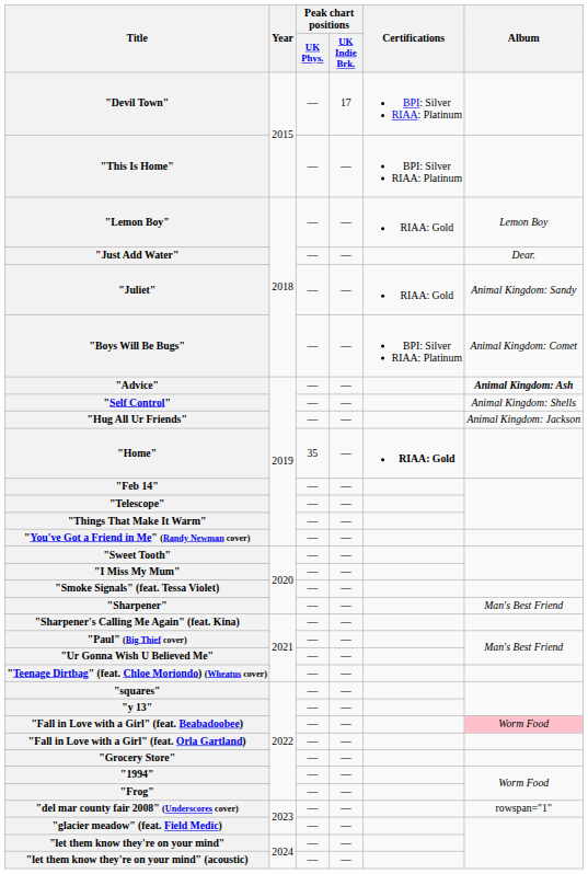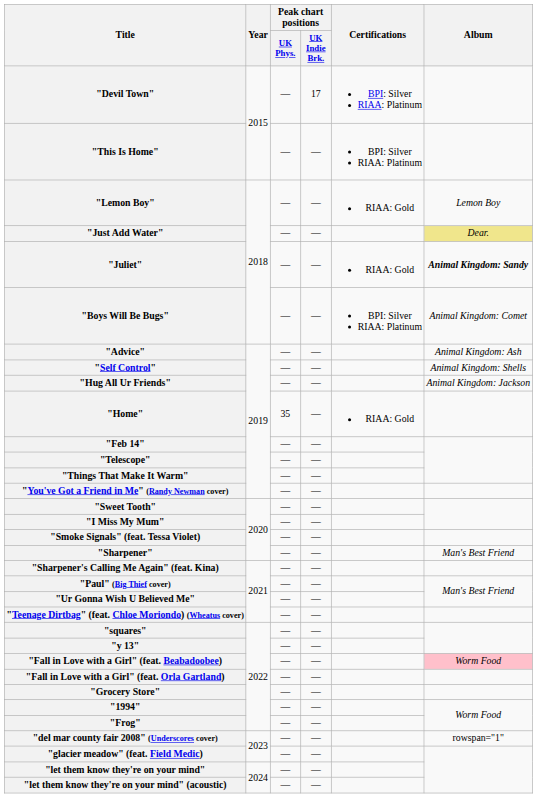 <table class="wikitable plainrowheaders" style="text-align:center;">
 <tr>
 <th scope="col" rowspan="2">Title</th>
 <th scope="col" rowspan="2">Year</th>
 <th scope="col" colspan="2">Peak chart positions</th>
 <th scope="col" rowspan="2">Certifications</th>
 <th scope="col" rowspan="2">Album</th>
 </tr>
 <tr>
 <th scope="col" style="width:3em;font-size:90%;"><a href='#'>UK<br>Phys.</a><br></th>
 <th scope="col" style="width:3em;font-size:90%;"><a href='#'>UK<br>Indie<br>Brk.</a><br></th>
 </tr>
 <tr>
 <th scope="row">"Devil Town"</th>
 <td rowspan="2">2015</td>
 <td>—</td>
 <td>17</td>
 <td><br><ul><li><a href='#'>BPI</a>: Silver</li><li><a href='#'>RIAA</a>: Platinum</li></ul></td>
 <td></td>
 </tr>
 <tr>
 <th scope="row">"This Is Home"</th>
 <td>—</td>
 <td>—</td>
 <td><br><ul><li>BPI: Silver</li><li>RIAA: Platinum</li></ul></td>
 <td></td>
 </tr>
 <tr>
 <th scope="row">"Lemon Boy"</th>
 <td rowspan="4">2018</td>
 <td>—</td>
 <td>—</td>
 <td><br><ul><li>RIAA: Gold</li></ul></td>
 <td><em>Lemon Boy</em></td>
 </tr>
 <tr>
 <th scope="row">"Just Add Water"</th>
 <td>—</td>
 <td>—</td>
 <td></td>
-<td><em>Dear.</em></td>
+<td style="background: khaki;"><em>Dear.</em></td>
 </tr>
 <tr>
 <th scope="row">"Juliet"</th>
 <td>—</td>
 <td>—</td>
 <td><br><ul><li>RIAA: Gold</li></ul></td>
-<td><em>Animal Kingdom: Sandy</em></td>
+<td><strong><em>Animal Kingdom: Sandy</em></strong></td>
 </tr>
 <tr>
 <th scope="row">"Boys Will Be Bugs"</th>
 <td>—</td>
 <td>—</td>
 <td><br><ul><li>BPI: Silver</li><li>RIAA: Platinum</li></ul></td>
 <td><em>Animal Kingdom: Comet</em></td>
 </tr>
 <tr>
 <th scope="row">"Advice"</th>
 <td rowspan="8">2019</td>
 <td>—</td>
 <td>—</td>
 <td></td>
-<td><strong><em>Animal Kingdom: Ash</em></strong></td>
+<td><em>Animal Kingdom: Ash</em></td>
 </tr>
 <tr>
 <th scope="row">"<a href='#'>Self Control</a>" </th>
 <td>—</td>
 <td>—</td>
 <td></td>
 <td><em>Animal Kingdom: Shells</em></td>
 </tr>
 <tr>
 <th scope="row">"Hug All Ur Friends"</th>
 <td>—</td>
 <td>—</td>
 <td></td>
 <td><em>Animal Kingdom: Jackson</em></td>
 </tr>
 <tr>
 <th scope="row">"Home"</th>
 <td>35</td>
 <td>—</td>
-<td><strong><br><ul><li>RIAA: Gold</li></ul></strong></td>
+<td><br><ul><li>RIAA: Gold</li></ul></td>
 <td></td>
 </tr>
 <tr>
 <th scope="row">"Feb 14"</th>
 <td>—</td>
 <td>—</td>
 <td></td>
 <td rowspan="3"></td>
 </tr>
 <tr>
 <th scope="row">"Telescope"</th>
 <td>—</td>
 <td>—</td>
 <td></td>
 </tr>
 <tr>
 <th scope="row">"Things That Make It Warm"</th>
 <td>—</td>
 <td>—</td>
 <td></td>
 </tr>
 <tr>
 <th scope="row">"<a href='#'>You've Got a Friend in Me</a>" <small>(<a href='#'>Randy Newman</a> cover)</small></th>
 <td>—</td>
 <td>—</td>
 <td></td>
 <td></td>
 </tr>
 <tr>
 <th scope="row">"Sweet Tooth"</th>
 <td rowspan="4">2020</td>
 <td>—</td>
 <td>—</td>
 <td></td>
 <td rowspan="2"></td>
 </tr>
 <tr>
 <th scope="row">"I Miss My Mum"</th>
 <td>—</td>
 <td>—</td>
 <td></td>
 </tr>
 <tr>
 <th scope="row">"Smoke Signals" (feat. Tessa Violet)</th>
 <td>—</td>
 <td>—</td>
 <td></td>
 <td></td>
 </tr>
 <tr>
 <th scope="row">"Sharpener"</th>
 <td>—</td>
 <td>—</td>
 <td></td>
 <td><em>Man's Best Friend</em></td>
 </tr>
 <tr>
 <th scope="row">"Sharpener's Calling Me Again" (feat. Kina)</th>
 <td rowspan="4">2021</td>
 <td>—</td>
 <td>—</td>
 <td></td>
 <td></td>
 </tr>
 <tr>
 <th scope="row">"Paul" <small>(<a href='#'>Big Thief</a> cover)</small></th>
 <td>—</td>
 <td>—</td>
 <td></td>
 <td rowspan="2"><em>Man's Best Friend</em></td>
 </tr>
 <tr>
 <th scope="row">"Ur Gonna Wish U Believed Me"</th>
 <td>—</td>
 <td>—</td>
 </tr>
 <tr>
 <th scope="row">"<a href='#'>Teenage Dirtbag</a>" (feat. <a href='#'>Chloe Moriondo</a>) <small>(<a href='#'>Wheatus</a> cover)</small></th>
 <td>—</td>
 <td>—</td>
 <td></td>
 <td></td>
 </tr>
 <tr>
 <th scope="row">"squares"</th>
 <td rowspan="7">2022</td>
 <td>—</td>
 <td>—</td>
 <td></td>
 <td rowspan="2"></td>
 </tr>
 <tr>
 <th scope="row">"y 13"</th>
 <td>—</td>
 <td>—</td>
 <td></td>
 </tr>
 <tr>
 <th scope="row">"Fall in Love with a Girl" (feat. <a href='#'>Beabadoobee</a>)</th>
 <td>—</td>
 <td>—</td>
 <td></td>
 <td style="background: pink;"><em>Worm Food</em></td>
 </tr>
 <tr>
 <th scope="row">"Fall in Love with a Girl" (feat. <a href='#'>Orla Gartland</a>)</th>
 <td>—</td>
 <td>—</td>
 <td></td>
 <td></td>
 </tr>
 <tr>
 <th scope="row">"Grocery Store"</th>
 <td>—</td>
 <td>—</td>
 <td></td>
 <td></td>
 </tr>
 <tr>
 <th scope="row">"1994"</th>
 <td>—</td>
 <td>—</td>
 <td></td>
 <td rowspan="2"><em>Worm Food</em></td>
 </tr>
 <tr>
 <th scope="row">"Frog"</th>
 <td>—</td>
 <td>—</td>
 <td></td>
 </tr>
 <tr>
 <th scope="row">"del mar county fair 2008" <small>(<a href='#'>Underscores</a> cover)</small></th>
 <td rowspan="2">2023</td>
 <td>—</td>
 <td>—</td>
 <td></td>
 <td>rowspan="1" </td>
 </tr>
 <tr>
 <th scope="row">"glacier meadow" (feat. <a href='#'>Field Medic</a>)</th>
 <td>—</td>
 <td>—</td>
 <td></td>
 <td rowspan="3"></td>
 </tr>
 <tr>
 <th scope="row">"let them know they're on your mind"</th>
 <td rowspan="2">2024</td>
 <td>—</td>
 <td>—</td>
 <td></td>
 </tr>
 <tr>
 <th scope="row">"let them know they're on your mind" (acoustic)</th>
 <td>—</td>
 <td>—</td>
 <td></td>
 </tr>
 </table>
